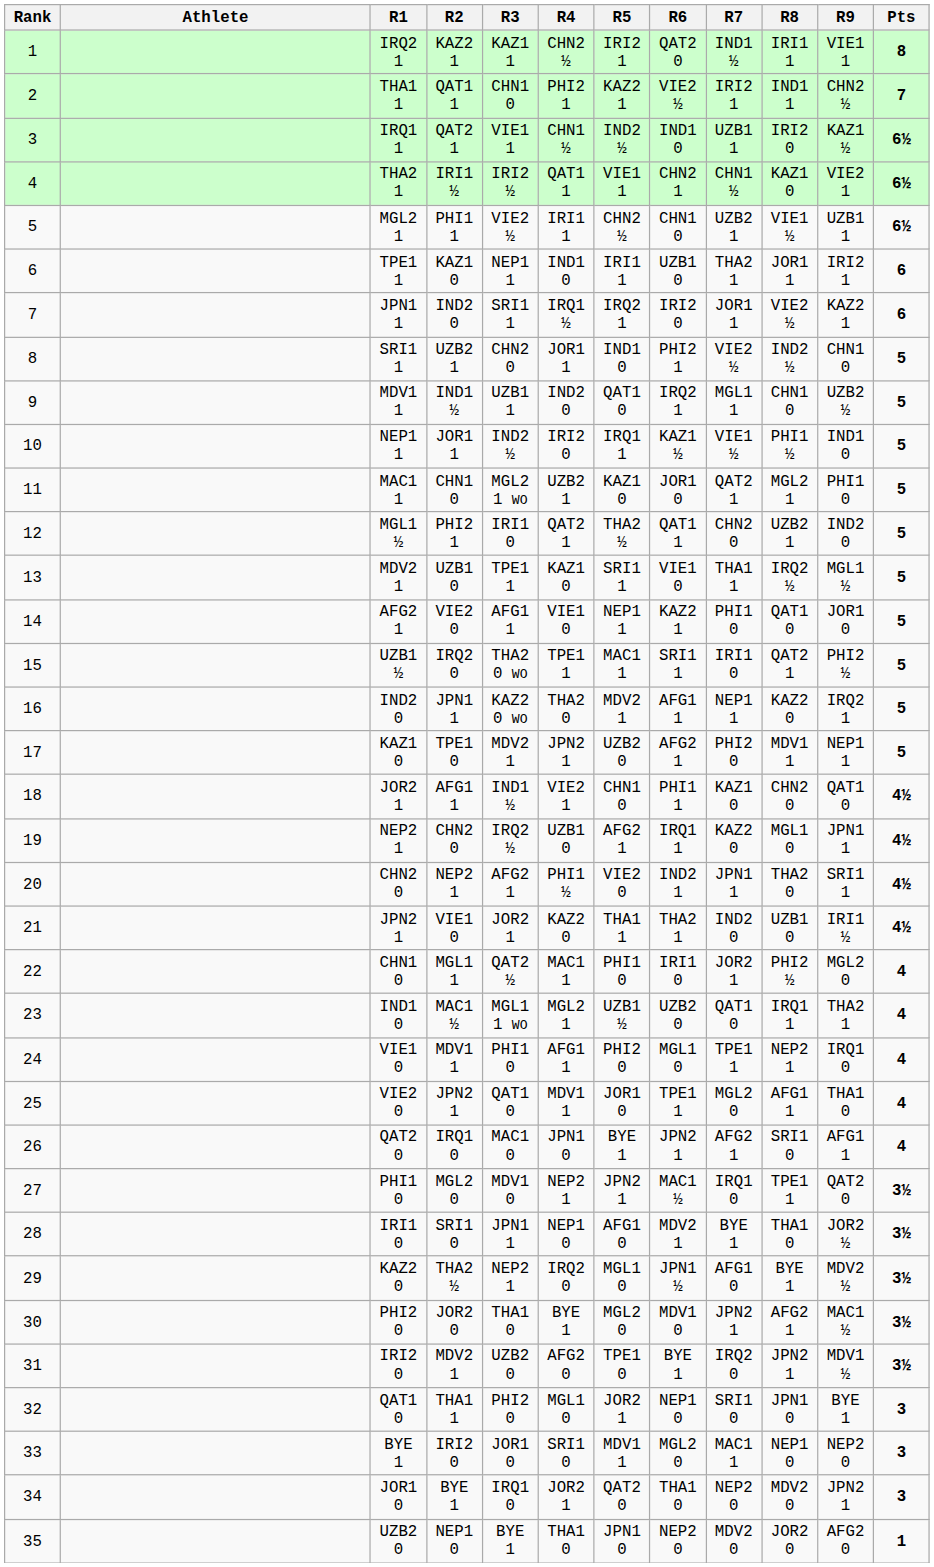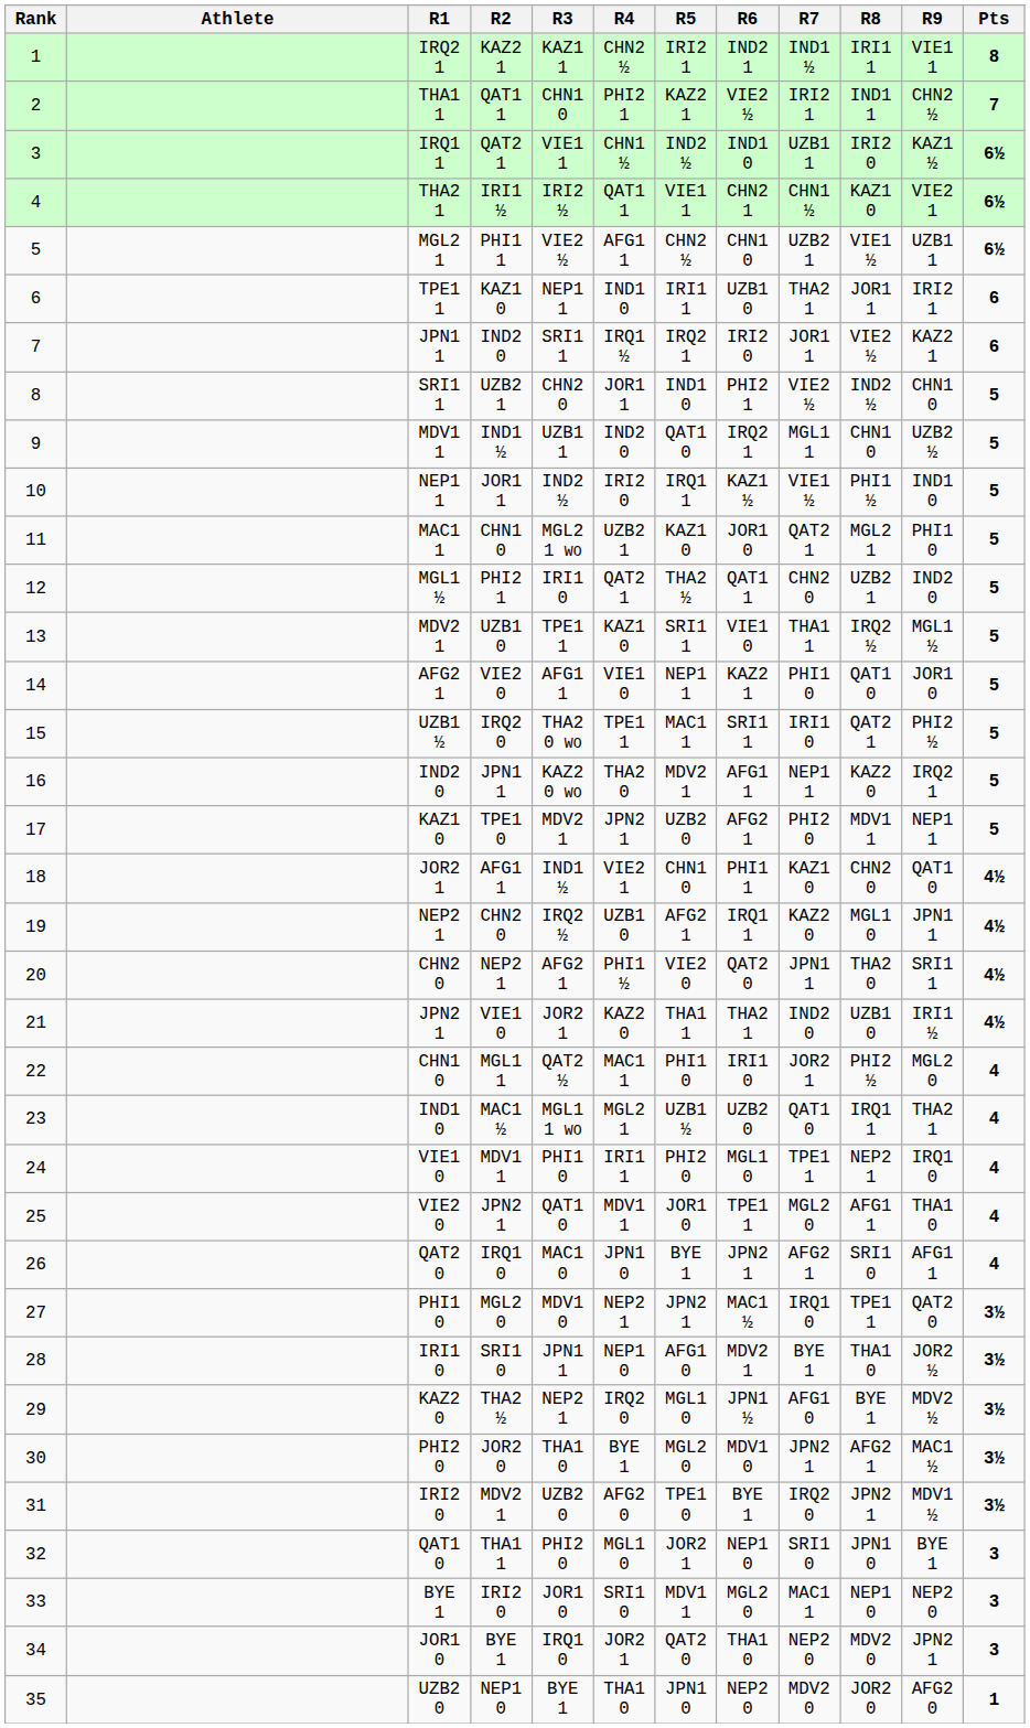 <table class=wikitable style="text-align:center">
 <tr>
 <th width=40>Rank</th>
 <th width=250>Athlete</th>
 <th width=40>R1</th>
 <th width=40>R2</th>
 <th width=40>R3</th>
 <th width=40>R4</th>
 <th width=40>R5</th>
 <th width=40>R6</th>
 <th width=40>R7</th>
 <th width=40>R8</th>
 <th width=40>R9</th>
 <th width=40>Pts</th>
 </tr>
 <tr style="background:#ccffcc;">
 <td>1</td>
 <td align=left></td>
 <td>IRQ2<br>1</td>
 <td>KAZ2<br>1</td>
 <td>KAZ1<br>1</td>
 <td>CHN2<br>½</td>
 <td>IRI2<br>1</td>
-<td>QAT2<br>0</td>
+<td>IND2<br>1</td>
 <td>IND1<br>½</td>
 <td>IRI1<br>1</td>
 <td>VIE1<br>1</td>
 <td><strong>8</strong></td>
 </tr>
 <tr style="background:#ccffcc;">
 <td>2</td>
 <td align=left></td>
 <td>THA1<br>1</td>
 <td>QAT1<br>1</td>
 <td>CHN1<br>0</td>
 <td>PHI2<br>1</td>
 <td>KAZ2<br>1</td>
 <td>VIE2<br>½</td>
 <td>IRI2<br>1</td>
 <td>IND1<br>1</td>
 <td>CHN2<br>½</td>
 <td><strong>7</strong></td>
 </tr>
 <tr style="background:#ccffcc;">
 <td>3</td>
 <td align=left></td>
 <td>IRQ1<br>1</td>
 <td>QAT2<br>1</td>
 <td>VIE1<br>1</td>
 <td>CHN1<br>½</td>
 <td>IND2<br>½</td>
 <td>IND1<br>0</td>
 <td>UZB1<br>1</td>
 <td>IRI2<br>0</td>
 <td>KAZ1<br>½</td>
 <td><strong>6½</strong></td>
 </tr>
 <tr style="background:#ccffcc;">
 <td>4</td>
 <td align=left></td>
 <td>THA2<br>1</td>
 <td>IRI1<br>½</td>
 <td>IRI2<br>½</td>
 <td>QAT1<br>1</td>
 <td>VIE1<br>1</td>
 <td>CHN2<br>1</td>
 <td>CHN1<br>½</td>
 <td>KAZ1<br>0</td>
 <td>VIE2<br>1</td>
 <td><strong>6½</strong></td>
 </tr>
 <tr>
 <td>5</td>
 <td align=left></td>
 <td>MGL2<br>1</td>
 <td>PHI1<br>1</td>
 <td>VIE2<br>½</td>
-<td>IRI1<br>1</td>
+<td>AFG1<br>1</td>
 <td>CHN2<br>½</td>
 <td>CHN1<br>0</td>
 <td>UZB2<br>1</td>
 <td>VIE1<br>½</td>
 <td>UZB1<br>1</td>
 <td><strong>6½</strong></td>
 </tr>
 <tr>
 <td>6</td>
 <td align=left></td>
 <td>TPE1<br>1</td>
 <td>KAZ1<br>0</td>
 <td>NEP1<br>1</td>
 <td>IND1<br>0</td>
 <td>IRI1<br>1</td>
 <td>UZB1<br>0</td>
 <td>THA2<br>1</td>
 <td>JOR1<br>1</td>
 <td>IRI2<br>1</td>
 <td><strong>6</strong></td>
 </tr>
 <tr>
 <td>7</td>
 <td align=left></td>
 <td>JPN1<br>1</td>
 <td>IND2<br>0</td>
 <td>SRI1<br>1</td>
 <td>IRQ1<br>½</td>
 <td>IRQ2<br>1</td>
 <td>IRI2<br>0</td>
 <td>JOR1<br>1</td>
 <td>VIE2<br>½</td>
 <td>KAZ2<br>1</td>
 <td><strong>6</strong></td>
 </tr>
 <tr>
 <td>8</td>
 <td align=left></td>
 <td>SRI1<br>1</td>
 <td>UZB2<br>1</td>
 <td>CHN2<br>0</td>
 <td>JOR1<br>1</td>
 <td>IND1<br>0</td>
 <td>PHI2<br>1</td>
 <td>VIE2<br>½</td>
 <td>IND2<br>½</td>
 <td>CHN1<br>0</td>
 <td><strong>5</strong></td>
 </tr>
 <tr>
 <td>9</td>
 <td align=left></td>
 <td>MDV1<br>1</td>
 <td>IND1<br>½</td>
 <td>UZB1<br>1</td>
 <td>IND2<br>0</td>
 <td>QAT1<br>0</td>
 <td>IRQ2<br>1</td>
 <td>MGL1<br>1</td>
 <td>CHN1<br>0</td>
 <td>UZB2<br>½</td>
 <td><strong>5</strong></td>
 </tr>
 <tr>
 <td>10</td>
 <td align=left></td>
 <td>NEP1<br>1</td>
 <td>JOR1<br>1</td>
 <td>IND2<br>½</td>
 <td>IRI2<br>0</td>
 <td>IRQ1<br>1</td>
 <td>KAZ1<br>½</td>
 <td>VIE1<br>½</td>
 <td>PHI1<br>½</td>
 <td>IND1<br>0</td>
 <td><strong>5</strong></td>
 </tr>
 <tr>
 <td>11</td>
 <td align=left></td>
 <td>MAC1<br>1</td>
 <td>CHN1<br>0</td>
 <td>MGL2<br>1 <small>WO</small></td>
 <td>UZB2<br>1</td>
 <td>KAZ1<br>0</td>
 <td>JOR1<br>0</td>
 <td>QAT2<br>1</td>
 <td>MGL2<br>1</td>
 <td>PHI1<br>0</td>
 <td><strong>5</strong></td>
 </tr>
 <tr>
 <td>12</td>
 <td align=left></td>
 <td>MGL1<br>½</td>
 <td>PHI2<br>1</td>
 <td>IRI1<br>0</td>
 <td>QAT2<br>1</td>
 <td>THA2<br>½</td>
 <td>QAT1<br>1</td>
 <td>CHN2<br>0</td>
 <td>UZB2<br>1</td>
 <td>IND2<br>0</td>
 <td><strong>5</strong></td>
 </tr>
 <tr>
 <td>13</td>
 <td align=left></td>
 <td>MDV2<br>1</td>
 <td>UZB1<br>0</td>
 <td>TPE1<br>1</td>
 <td>KAZ1<br>0</td>
 <td>SRI1<br>1</td>
 <td>VIE1<br>0</td>
 <td>THA1<br>1</td>
 <td>IRQ2<br>½</td>
 <td>MGL1<br>½</td>
 <td><strong>5</strong></td>
 </tr>
 <tr>
 <td>14</td>
 <td align=left></td>
 <td>AFG2<br>1</td>
 <td>VIE2<br>0</td>
 <td>AFG1<br>1</td>
 <td>VIE1<br>0</td>
 <td>NEP1<br>1</td>
 <td>KAZ2<br>1</td>
 <td>PHI1<br>0</td>
 <td>QAT1<br>0</td>
 <td>JOR1<br>0</td>
 <td><strong>5</strong></td>
 </tr>
 <tr>
 <td>15</td>
 <td align=left></td>
 <td>UZB1<br>½</td>
 <td>IRQ2<br>0</td>
 <td>THA2<br>0 <small>WO</small></td>
 <td>TPE1<br>1</td>
 <td>MAC1<br>1</td>
 <td>SRI1<br>1</td>
 <td>IRI1<br>0</td>
 <td>QAT2<br>1</td>
 <td>PHI2<br>½</td>
 <td><strong>5</strong></td>
 </tr>
 <tr>
 <td>16</td>
 <td align=left></td>
 <td>IND2<br>0</td>
 <td>JPN1<br>1</td>
 <td>KAZ2<br>0 <small>WO</small></td>
 <td>THA2<br>0</td>
 <td>MDV2<br>1</td>
 <td>AFG1<br>1</td>
 <td>NEP1<br>1</td>
 <td>KAZ2<br>0</td>
 <td>IRQ2<br>1</td>
 <td><strong>5</strong></td>
 </tr>
 <tr>
 <td>17</td>
 <td align=left></td>
 <td>KAZ1<br>0</td>
 <td>TPE1<br>0</td>
 <td>MDV2<br>1</td>
 <td>JPN2<br>1</td>
 <td>UZB2<br>0</td>
 <td>AFG2<br>1</td>
 <td>PHI2<br>0</td>
 <td>MDV1<br>1</td>
 <td>NEP1<br>1</td>
 <td><strong>5</strong></td>
 </tr>
 <tr>
 <td>18</td>
 <td align=left></td>
 <td>JOR2<br>1</td>
 <td>AFG1<br>1</td>
 <td>IND1<br>½</td>
 <td>VIE2<br>1</td>
 <td>CHN1<br>0</td>
 <td>PHI1<br>1</td>
 <td>KAZ1<br>0</td>
 <td>CHN2<br>0</td>
 <td>QAT1<br>0</td>
 <td><strong>4½</strong></td>
 </tr>
 <tr>
 <td>19</td>
 <td align=left></td>
 <td>NEP2<br>1</td>
 <td>CHN2<br>0</td>
 <td>IRQ2<br>½</td>
 <td>UZB1<br>0</td>
 <td>AFG2<br>1</td>
 <td>IRQ1<br>1</td>
 <td>KAZ2<br>0</td>
 <td>MGL1<br>0</td>
 <td>JPN1<br>1</td>
 <td><strong>4½</strong></td>
 </tr>
 <tr>
 <td>20</td>
 <td align=left></td>
 <td>CHN2<br>0</td>
 <td>NEP2<br>1</td>
 <td>AFG2<br>1</td>
 <td>PHI1<br>½</td>
 <td>VIE2<br>0</td>
-<td>IND2<br>1</td>
+<td>QAT2<br>0</td>
 <td>JPN1<br>1</td>
 <td>THA2<br>0</td>
 <td>SRI1<br>1</td>
 <td><strong>4½</strong></td>
 </tr>
 <tr>
 <td>21</td>
 <td align=left></td>
 <td>JPN2<br>1</td>
 <td>VIE1<br>0</td>
 <td>JOR2<br>1</td>
 <td>KAZ2<br>0</td>
 <td>THA1<br>1</td>
 <td>THA2<br>1</td>
 <td>IND2<br>0</td>
 <td>UZB1<br>0</td>
 <td>IRI1<br>½</td>
 <td><strong>4½</strong></td>
 </tr>
 <tr>
 <td>22</td>
 <td align=left></td>
 <td>CHN1<br>0</td>
 <td>MGL1<br>1</td>
 <td>QAT2<br>½</td>
 <td>MAC1<br>1</td>
 <td>PHI1<br>0</td>
 <td>IRI1<br>0</td>
 <td>JOR2<br>1</td>
 <td>PHI2<br>½</td>
 <td>MGL2<br>0</td>
 <td><strong>4</strong></td>
 </tr>
 <tr>
 <td>23</td>
 <td align=left></td>
 <td>IND1<br>0</td>
 <td>MAC1<br>½</td>
 <td>MGL1<br>1 <small>WO</small></td>
 <td>MGL2<br>1</td>
 <td>UZB1<br>½</td>
 <td>UZB2<br>0</td>
 <td>QAT1<br>0</td>
 <td>IRQ1<br>1</td>
 <td>THA2<br>1</td>
 <td><strong>4</strong></td>
 </tr>
 <tr>
 <td>24</td>
 <td align=left></td>
 <td>VIE1<br>0</td>
 <td>MDV1<br>1</td>
 <td>PHI1<br>0</td>
-<td>AFG1<br>1</td>
+<td>IRI1<br>1</td>
 <td>PHI2<br>0</td>
 <td>MGL1<br>0</td>
 <td>TPE1<br>1</td>
 <td>NEP2<br>1</td>
 <td>IRQ1<br>0</td>
 <td><strong>4</strong></td>
 </tr>
 <tr>
 <td>25</td>
 <td align=left></td>
 <td>VIE2<br>0</td>
 <td>JPN2<br>1</td>
 <td>QAT1<br>0</td>
 <td>MDV1<br>1</td>
 <td>JOR1<br>0</td>
 <td>TPE1<br>1</td>
 <td>MGL2<br>0</td>
 <td>AFG1<br>1</td>
 <td>THA1<br>0</td>
 <td><strong>4</strong></td>
 </tr>
 <tr>
 <td>26</td>
 <td align=left></td>
 <td>QAT2<br>0</td>
 <td>IRQ1<br>0</td>
 <td>MAC1<br>0</td>
 <td>JPN1<br>0</td>
 <td>BYE<br>1</td>
 <td>JPN2<br>1</td>
 <td>AFG2<br>1</td>
 <td>SRI1<br>0</td>
 <td>AFG1<br>1</td>
 <td><strong>4</strong></td>
 </tr>
 <tr>
 <td>27</td>
 <td align=left></td>
 <td>PHI1<br>0</td>
 <td>MGL2<br>0</td>
 <td>MDV1<br>0</td>
 <td>NEP2<br>1</td>
 <td>JPN2<br>1</td>
 <td>MAC1<br>½</td>
 <td>IRQ1<br>0</td>
 <td>TPE1<br>1</td>
 <td>QAT2<br>0</td>
 <td><strong>3½</strong></td>
 </tr>
 <tr>
 <td>28</td>
 <td align=left></td>
 <td>IRI1<br>0</td>
 <td>SRI1<br>0</td>
 <td>JPN1<br>1</td>
 <td>NEP1<br>0</td>
 <td>AFG1<br>0</td>
 <td>MDV2<br>1</td>
 <td>BYE<br>1</td>
 <td>THA1<br>0</td>
 <td>JOR2<br>½</td>
 <td><strong>3½</strong></td>
 </tr>
 <tr>
 <td>29</td>
 <td align=left></td>
 <td>KAZ2<br>0</td>
 <td>THA2<br>½</td>
 <td>NEP2<br>1</td>
 <td>IRQ2<br>0</td>
 <td>MGL1<br>0</td>
 <td>JPN1<br>½</td>
 <td>AFG1<br>0</td>
 <td>BYE<br>1</td>
 <td>MDV2<br>½</td>
 <td><strong>3½</strong></td>
 </tr>
 <tr>
 <td>30</td>
 <td align=left></td>
 <td>PHI2<br>0</td>
 <td>JOR2<br>0</td>
 <td>THA1<br>0</td>
 <td>BYE<br>1</td>
 <td>MGL2<br>0</td>
 <td>MDV1<br>0</td>
 <td>JPN2<br>1</td>
 <td>AFG2<br>1</td>
 <td>MAC1<br>½</td>
 <td><strong>3½</strong></td>
 </tr>
 <tr>
 <td>31</td>
 <td align=left></td>
 <td>IRI2<br>0</td>
 <td>MDV2<br>1</td>
 <td>UZB2<br>0</td>
 <td>AFG2<br>0</td>
 <td>TPE1<br>0</td>
 <td>BYE<br>1</td>
 <td>IRQ2<br>0</td>
 <td>JPN2<br>1</td>
 <td>MDV1<br>½</td>
 <td><strong>3½</strong></td>
 </tr>
 <tr>
 <td>32</td>
 <td align=left></td>
 <td>QAT1<br>0</td>
 <td>THA1<br>1</td>
 <td>PHI2<br>0</td>
 <td>MGL1<br>0</td>
 <td>JOR2<br>1</td>
 <td>NEP1<br>0</td>
 <td>SRI1<br>0</td>
 <td>JPN1<br>0</td>
 <td>BYE<br>1</td>
 <td><strong>3</strong></td>
 </tr>
 <tr>
 <td>33</td>
 <td align=left></td>
 <td>BYE<br>1</td>
 <td>IRI2<br>0</td>
 <td>JOR1<br>0</td>
 <td>SRI1<br>0</td>
 <td>MDV1<br>1</td>
 <td>MGL2<br>0</td>
 <td>MAC1<br>1</td>
 <td>NEP1<br>0</td>
 <td>NEP2<br>0</td>
 <td><strong>3</strong></td>
 </tr>
 <tr>
 <td>34</td>
 <td align=left></td>
 <td>JOR1<br>0</td>
 <td>BYE<br>1</td>
 <td>IRQ1<br>0</td>
 <td>JOR2<br>1</td>
 <td>QAT2<br>0</td>
 <td>THA1<br>0</td>
 <td>NEP2<br>0</td>
 <td>MDV2<br>0</td>
 <td>JPN2<br>1</td>
 <td><strong>3</strong></td>
 </tr>
 <tr>
 <td>35</td>
 <td align=left></td>
 <td>UZB2<br>0</td>
 <td>NEP1<br>0</td>
 <td>BYE<br>1</td>
 <td>THA1<br>0</td>
 <td>JPN1<br>0</td>
 <td>NEP2<br>0</td>
 <td>MDV2<br>0</td>
 <td>JOR2<br>0</td>
 <td>AFG2<br>0</td>
 <td><strong>1</strong></td>
 </tr>
 </table>
